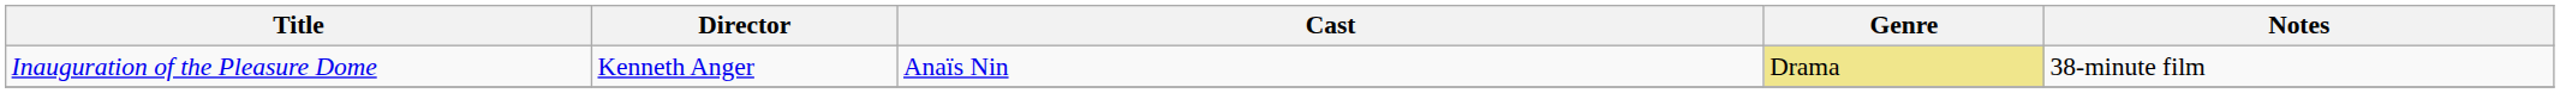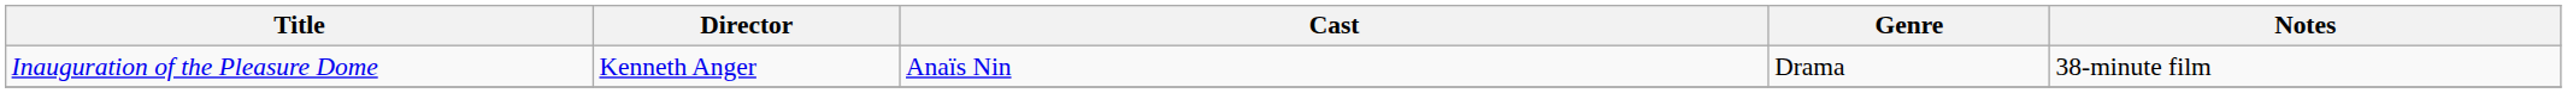 <table class="wikitable sortable" style="width:100%;">
 <tr>
 <th style="width:23%;">Title</th>
 <th style="width:12%;">Director</th>
 <th style="width:34%;">Cast</th>
 <th style="width:11%;">Genre</th>
 <th style="width:20%;">Notes</th>
 </tr>
 <tr>
 <td><em><a href='#'>Inauguration of the Pleasure Dome</a></em></td>
 <td><a href='#'>Kenneth Anger</a></td>
 <td><a href='#'>Anaïs Nin</a></td>
-<td style="background: khaki;">Drama</td>
+<td>Drama</td>
 <td>38-minute film</td>
 </tr>
 <tr>
 </tr>
 </table>
